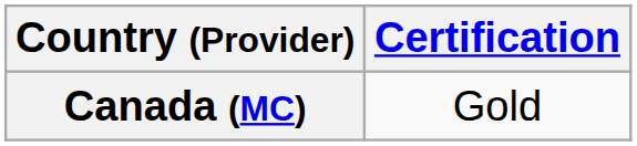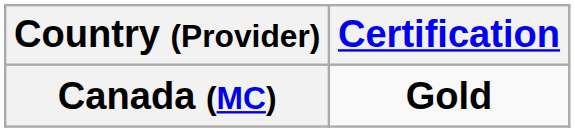 <table class="wikitable plainrowheaders" style="text-align:center;" border="1">
 <tr>
 <th>Country <small>(Provider)</small></th>
 <th><a href='#'>Certification</a></th>
 </tr>
 <tr>
 <th scope="row">Canada <small>(<a href='#'>MC</a>)</small></th>
-<td style="text-align:center;">Gold</td>
+<td style="text-align:center;"><strong>Gold</strong></td>
 </tr>
 </table>
